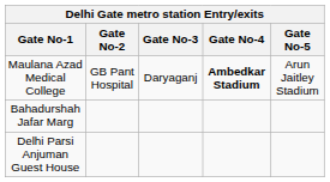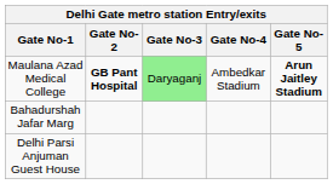 <table class="wikitable" style="text-align: center;" width="70%">
 <tr>
 <th align="center" colspan="7" style="background:#"><span>Delhi Gate metro station Entry/exits</span></th>
 </tr>
 <tr>
 <th style="width:14%;">Gate No-1</th>
 <th style="width:14%;">Gate No-2 </th>
 <th style="width:14%;">Gate No-3</th>
 <th style="width:14%;">Gate No-4 </th>
 <th style="width:14%;">Gate No-5 </th>
 </tr>
 <tr>
 <td>Maulana Azad Medical College</td>
-<td>GB Pant Hospital</td>
-<td>Daryaganj</td>
-<td><strong>Ambedkar Stadium</strong></td>
-<td>Arun Jaitley Stadium</td>
+<td><strong>GB Pant Hospital</strong></td>
+<td style="background: lightgreen;">Daryaganj</td>
+<td>Ambedkar Stadium</td>
+<td><strong>Arun Jaitley Stadium</strong></td>
 </tr>
 <tr>
 <td>Bahadurshah Jafar Marg</td>
 <td></td>
 <td></td>
 <td></td>
 <td></td>
 </tr>
 <tr>
 <td>Delhi Parsi Anjuman Guest House</td>
 <td></td>
 <td></td>
 <td></td>
 <td></td>
 </tr>
 </table>
